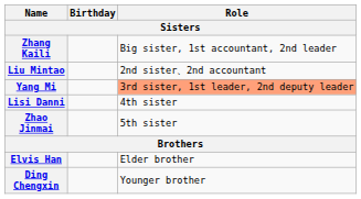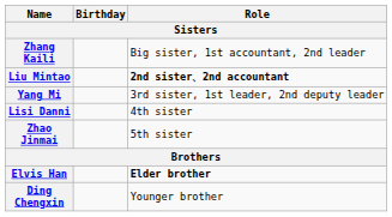 <table class="wikitable">
 <tr>
 <th width=80>Name</th>
 <th>Birthday</th>
 <th>Role</th>
 </tr>
 <tr>
 <th colspan=3>Sisters</th>
 </tr>
 <tr>
 <th><a href='#'>Zhang Kaili</a></th>
 <td></td>
 <td>Big sister, 1st accountant, 2nd leader</td>
 </tr>
 <tr>
 <th><a href='#'>Liu Mintao</a></th>
 <td></td>
-<td>2nd sister、2nd accountant</td>
+<td><strong>2nd sister、2nd accountant</strong></td>
 </tr>
 <tr>
 <th><a href='#'>Yang Mi</a></th>
 <td></td>
-<td style="background: lightsalmon;">3rd sister, 1st leader, 2nd deputy leader</td>
+<td>3rd sister, 1st leader, 2nd deputy leader</td>
 </tr>
 <tr>
 <th><a href='#'>Lisi Danni</a></th>
 <td></td>
 <td>4th sister</td>
 </tr>
 <tr>
 <th><a href='#'>Zhao Jinmai</a></th>
 <td></td>
 <td>5th sister</td>
 </tr>
 <tr>
 <th colspan=3>Brothers</th>
 </tr>
 <tr>
 <th><a href='#'>Elvis Han</a></th>
 <td></td>
-<td>Elder brother</td>
+<td><strong>Elder brother</strong></td>
 </tr>
 <tr>
 <th><a href='#'>Ding Chengxin</a></th>
 <td></td>
 <td>Younger brother</td>
 </tr>
 </table>
